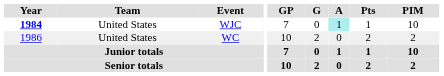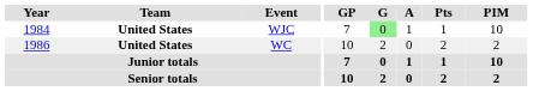 <table border="0" cellpadding="1" cellspacing="0" ID="Table3" style="text-align:center; width:40em">
 <tr bgcolor="#e0e0e0">
 <th>Year</th>
 <th>Team</th>
 <th>Event</th>
 <th rowspan="102" bgcolor="#ffffff"></th>
 <th>GP</th>
 <th>G</th>
 <th>A</th>
 <th>Pts</th>
 <th>PIM</th>
 </tr>
 <tr>
-<td><strong><a href='#'>1984</a></strong></td>
-<td>United States</td>
+<td><a href='#'>1984</a></td>
+<td><strong>United States</strong></td>
 <td><a href='#'>WJC</a></td>
 <td>7</td>
-<td>0</td>
-<td style="background: paleturquoise;">1</td>
+<td style="background: lightgreen;">0</td>
+<td>1</td>
 <td>1</td>
 <td>10</td>
 </tr>
 <tr bgcolor="#f0f0f0">
 <td><a href='#'>1986</a></td>
-<td>United States</td>
+<td><strong>United States</strong></td>
 <td><a href='#'>WC</a></td>
 <td>10</td>
 <td>2</td>
 <td>0</td>
 <td>2</td>
 <td>2</td>
 </tr>
 <tr bgcolor="#e0e0e0">
 <th colspan="3">Junior totals</th>
 <th>7</th>
 <th>0</th>
 <th>1</th>
 <th>1</th>
 <th>10</th>
 </tr>
 <tr bgcolor="#e0e0e0">
 <th colspan="3">Senior totals</th>
 <th>10</th>
 <th>2</th>
 <th>0</th>
 <th>2</th>
 <th>2</th>
 </tr>
 </table>
